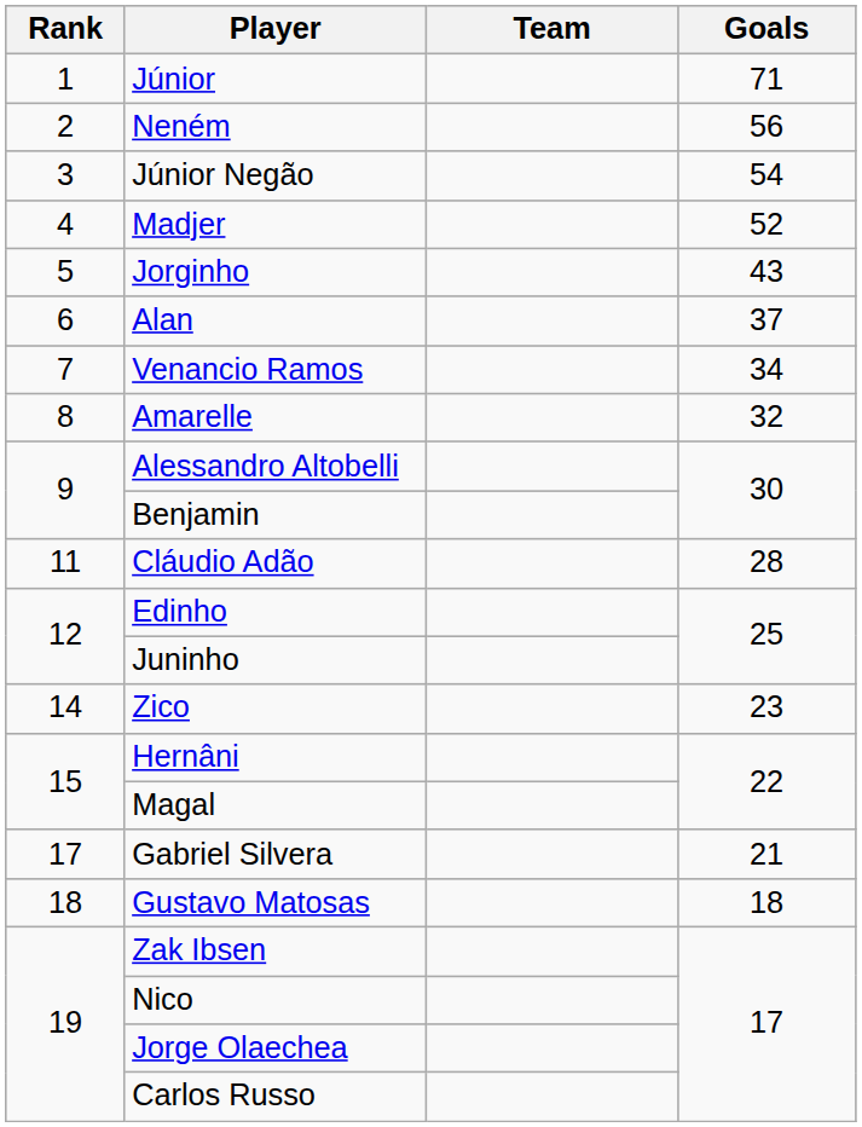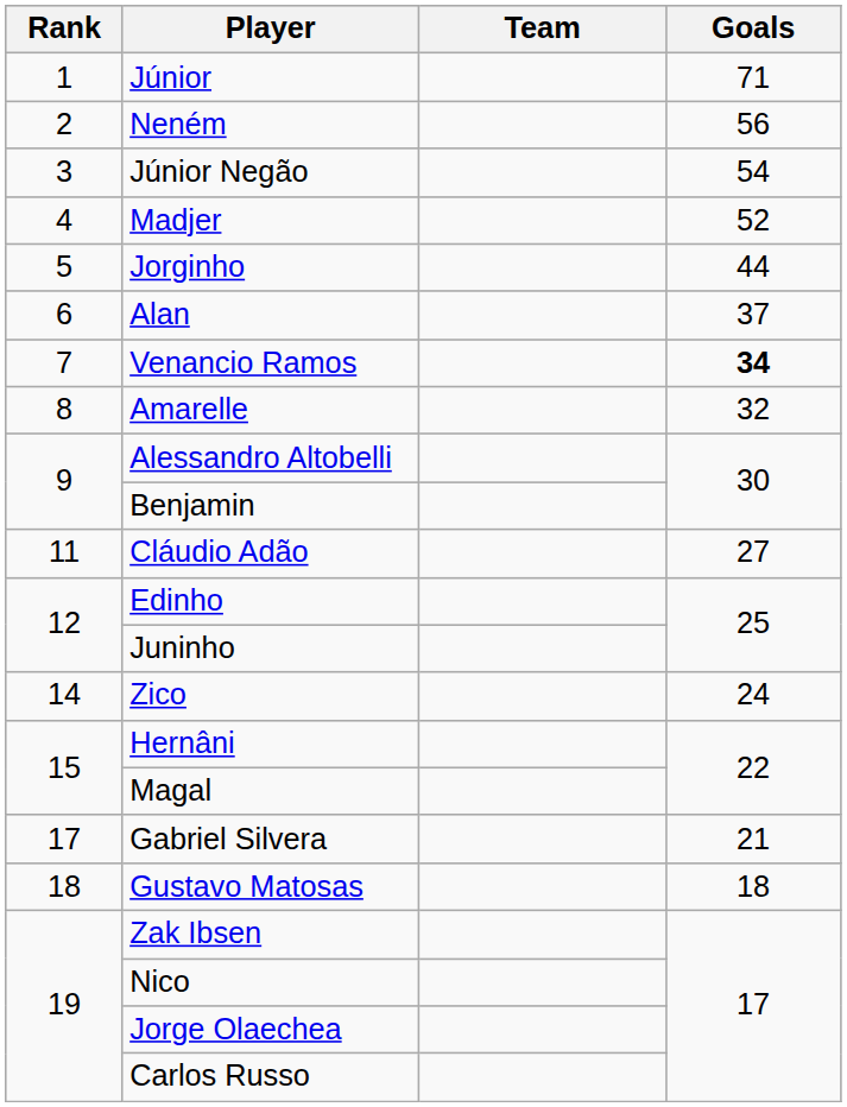 <table class="wikitable" style="text-align:center; font-size: 100%">
 <tr>
 <th width=55>Rank</th>
 <th width=150>Player</th>
 <th width=125>Team</th>
 <th width=85>Goals</th>
 </tr>
 <tr>
 <td>1</td>
 <td style="text-align:left"><a href='#'>Júnior</a></td>
 <td style="text-align:left"></td>
 <td>71</td>
 </tr>
 <tr>
 <td>2</td>
 <td style="text-align:left"><a href='#'>Neném</a></td>
 <td style="text-align:left"></td>
 <td>56</td>
 </tr>
 <tr>
 <td>3</td>
 <td style="text-align:left">Júnior Negão</td>
 <td style="text-align:left"></td>
 <td>54</td>
 </tr>
 <tr>
 <td>4</td>
 <td style="text-align:left"><a href='#'>Madjer</a></td>
 <td style="text-align:left"></td>
 <td>52</td>
 </tr>
 <tr>
 <td>5</td>
 <td style="text-align:left"><a href='#'>Jorginho</a></td>
 <td style="text-align:left"></td>
-<td>43</td>
+<td>44</td>
 </tr>
 <tr>
 <td>6</td>
 <td style="text-align:left"><a href='#'>Alan</a></td>
 <td style="text-align:left"></td>
 <td>37</td>
 </tr>
 <tr>
 <td>7</td>
 <td style="text-align:left"><a href='#'>Venancio Ramos</a></td>
 <td style="text-align:left"></td>
-<td>34</td>
+<td><strong>34</strong></td>
 </tr>
 <tr>
 <td>8</td>
 <td style="text-align:left"><a href='#'>Amarelle</a></td>
 <td style="text-align:left"></td>
 <td>32</td>
 </tr>
 <tr>
 <td rowspan=2>9</td>
 <td style="text-align:left"><a href='#'>Alessandro Altobelli</a></td>
 <td style="text-align:left"></td>
 <td rowspan=2>30</td>
 </tr>
 <tr>
 <td style="text-align:left">Benjamin</td>
 <td style="text-align:left"></td>
 </tr>
 <tr>
 <td>11</td>
 <td style="text-align:left"><a href='#'>Cláudio Adão</a></td>
 <td style="text-align:left"></td>
-<td>28</td>
+<td>27</td>
 </tr>
 <tr>
 <td rowspan=2>12</td>
 <td style="text-align:left"><a href='#'>Edinho</a></td>
 <td style="text-align:left"></td>
 <td rowspan=2>25</td>
 </tr>
 <tr>
 <td style="text-align:left">Juninho</td>
 <td style="text-align:left"></td>
 </tr>
 <tr>
 <td>14</td>
 <td style="text-align:left"><a href='#'>Zico</a></td>
 <td style="text-align:left"></td>
-<td>23</td>
+<td>24</td>
 </tr>
 <tr>
 <td rowspan=2>15</td>
 <td style="text-align:left"><a href='#'>Hernâni</a></td>
 <td style="text-align:left"></td>
 <td rowspan=2>22</td>
 </tr>
 <tr>
 <td style="text-align:left">Magal</td>
 <td style="text-align:left"></td>
 </tr>
 <tr>
 <td>17</td>
 <td style="text-align:left">Gabriel Silvera</td>
 <td style="text-align:left"></td>
 <td>21</td>
 </tr>
 <tr>
 <td>18</td>
 <td style="text-align:left"><a href='#'>Gustavo Matosas</a></td>
 <td style="text-align:left"></td>
 <td>18</td>
 </tr>
 <tr>
 <td rowspan=4>19</td>
 <td style="text-align:left"><a href='#'>Zak Ibsen</a></td>
 <td style="text-align:left"></td>
 <td rowspan=4>17</td>
 </tr>
 <tr>
 <td style="text-align:left">Nico</td>
 <td style="text-align:left"></td>
 </tr>
 <tr>
 <td style="text-align:left"><a href='#'>Jorge Olaechea</a></td>
 <td style="text-align:left"></td>
 </tr>
 <tr>
 <td style="text-align:left">Carlos Russo</td>
 <td style="text-align:left"></td>
 </tr>
 </table>
